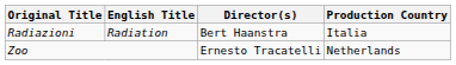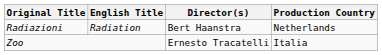 <table class="wikitable sortable">
 <tr>
 <th>Original Title</th>
 <th>English Title</th>
 <th>Director(s)</th>
 <th>Production Country</th>
 </tr>
 <tr>
 <td><em>Radiazioni</em></td>
 <td><em>Radiation</em></td>
 <td>Bert Haanstra</td>
-<td>Italia</td>
+<td>Netherlands</td>
 </tr>
 <tr>
 <td colspan="2"><em>Zoo</em></td>
 <td>Ernesto Tracatelli</td>
-<td>Netherlands</td>
+<td>Italia</td>
 </tr>
 </table>
